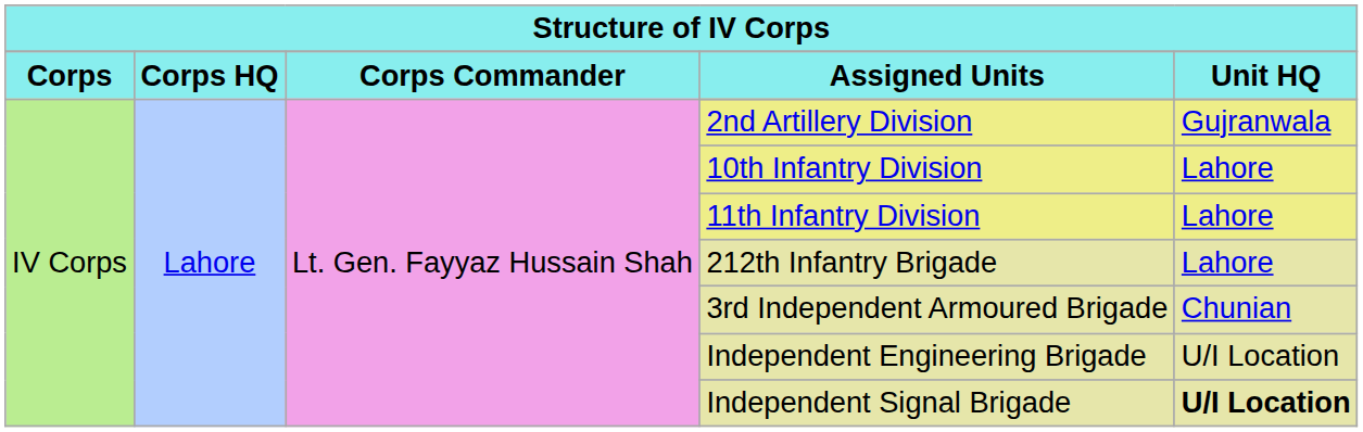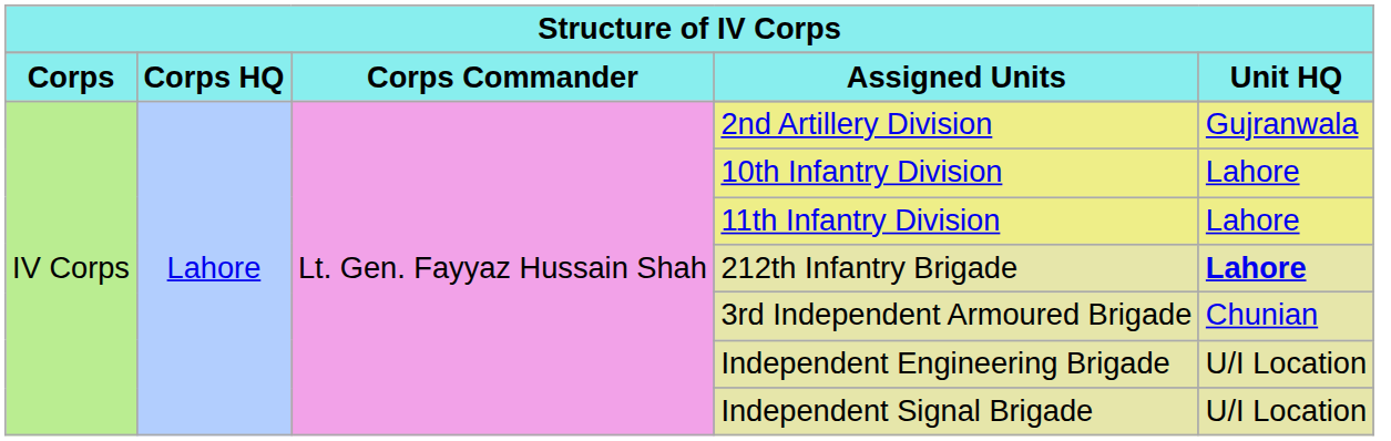 <table class="wikitable">
 <tr>
 <th colspan="10" style="background:#88EEEE;">Structure of IV Corps</th>
 </tr>
 <tr>
 </tr>
 <tr>
 <th style="background:#88EEEE;">Corps</th>
 <th style="background:#88EEEE;">Corps HQ</th>
 <th style="background:#88EEEE;">Corps Commander</th>
 <th style="background:#88EEEE;">Assigned Units</th>
 <th style="background:#88EEEE;">Unit HQ</th>
 </tr>
 <tr>
 <td rowspan="8" style="background:#baed91;text-align:center;">IV Corps</td>
 <td rowspan="8" style="background:#b2cefe;text-align:center;"><a href='#'>Lahore</a></td>
 <td rowspan="8" style="background:#f2a2e8;text-align:center;">Lt. Gen. Fayyaz Hussain Shah <br></td>
 </tr>
 <tr>
 <td style="background:#EEEE88;"><a href='#'>2nd Artillery Division</a></td>
 <td style="background:#EEEE88;"><a href='#'>Gujranwala</a></td>
 </tr>
 <tr>
 <td style="background:#EEEE88;"><a href='#'>10th Infantry Division</a></td>
 <td style="background:#EEEE88;"><a href='#'>Lahore</a></td>
 </tr>
 <tr>
 <td style="background:#EEEE88;"><a href='#'>11th Infantry Division</a></td>
 <td style="background:#EEEE88;"><a href='#'>Lahore</a></td>
 </tr>
 <tr>
 <td style="background:#e6e6aa;">212th Infantry Brigade</td>
-<td style="background:#e6e6aa;"><a href='#'>Lahore</a></td>
+<td style="background:#e6e6aa;"><strong><a href='#'>Lahore</a></strong></td>
 </tr>
 <tr>
 <td style="background:#e6e6aa;">3rd Independent Armoured Brigade</td>
 <td style="background:#e6e6aa;"><a href='#'>Chunian</a></td>
 </tr>
 <tr>
 <td style="background:#e6e6aa;">Independent Engineering Brigade</td>
 <td style="background:#e6e6aa;">U/I Location</td>
 </tr>
 <tr>
 <td style="background:#e6e6aa;">Independent Signal Brigade</td>
-<td style="background:#e6e6aa"><strong>U/I Location</strong></td>
+<td style="background:#e6e6aa">U/I Location</td>
 </tr>
 </table>
